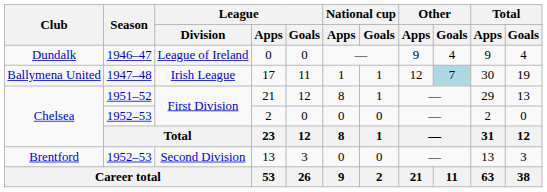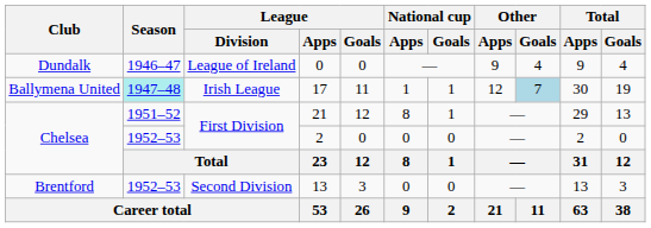 <table class="wikitable" style="text-align: center">
 <tr>
 <th rowspan="2">Club</th>
 <th rowspan="2">Season</th>
 <th colspan="3">League</th>
 <th colspan="2">National cup</th>
 <th colspan="2">Other</th>
 <th colspan="2">Total</th>
 </tr>
 <tr>
 <th>Division</th>
 <th>Apps</th>
 <th>Goals</th>
 <th>Apps</th>
 <th>Goals</th>
 <th>Apps</th>
 <th>Goals</th>
 <th>Apps</th>
 <th>Goals</th>
 </tr>
 <tr>
 <td><a href='#'>Dundalk</a></td>
 <td><a href='#'>1946–47</a></td>
 <td><a href='#'>League of Ireland</a></td>
 <td>0</td>
 <td>0</td>
 <td colspan="2">―</td>
 <td>9</td>
 <td>4</td>
 <td>9</td>
 <td>4</td>
 </tr>
 <tr>
 <td><a href='#'>Ballymena United</a></td>
-<td><a href='#'>1947–48</a></td>
+<td style="background: paleturquoise;"><a href='#'>1947–48</a></td>
 <td><a href='#'>Irish League</a></td>
 <td>17</td>
 <td>11</td>
 <td>1</td>
 <td>1</td>
 <td>12</td>
 <td style="background: lightblue;">7</td>
 <td>30</td>
 <td>19</td>
 </tr>
 <tr>
 <td rowspan="3"><a href='#'>Chelsea</a></td>
 <td><a href='#'>1951–52</a></td>
 <td rowspan="2"><a href='#'>First Division</a></td>
 <td>21</td>
 <td>12</td>
 <td>8</td>
 <td>1</td>
 <td colspan="2">―</td>
 <td>29</td>
 <td>13</td>
 </tr>
 <tr>
 <td><a href='#'>1952–53</a></td>
 <td>2</td>
 <td>0</td>
 <td>0</td>
 <td>0</td>
 <td colspan="2">―</td>
 <td>2</td>
 <td>0</td>
 </tr>
 <tr>
 <th colspan="2">Total</th>
 <th>23</th>
 <th>12</th>
 <th>8</th>
 <th>1</th>
 <th colspan="2">―</th>
 <th>31</th>
 <th>12</th>
 </tr>
 <tr>
 <td><a href='#'>Brentford</a></td>
 <td><a href='#'>1952–53</a></td>
 <td><a href='#'>Second Division</a></td>
 <td>13</td>
 <td>3</td>
 <td>0</td>
 <td>0</td>
 <td colspan="2">―</td>
 <td>13</td>
 <td>3</td>
 </tr>
 <tr>
 <th colspan="3">Career total</th>
 <th>53</th>
 <th>26</th>
 <th>9</th>
 <th>2</th>
 <th>21</th>
 <th>11</th>
 <th>63</th>
 <th>38</th>
 </tr>
 </table>
